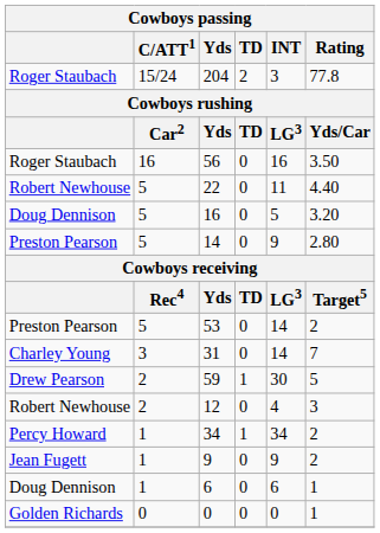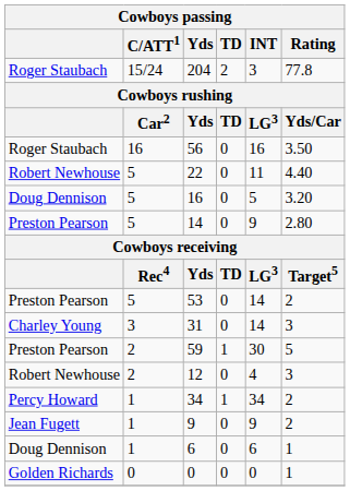 <table class="wikitable">
 <tr>
 <th colspan="6">Cowboys passing</th>
 </tr>
 <tr>
 <th></th>
 <th>C/ATT<sup>1</sup></th>
 <th>Yds</th>
 <th>TD</th>
 <th>INT</th>
 <th>Rating</th>
 </tr>
 <tr>
 <td><a href='#'>Roger Staubach</a></td>
 <td>15/24</td>
 <td>204</td>
 <td>2</td>
 <td>3</td>
 <td>77.8</td>
 </tr>
 <tr>
 <th colspan="6">Cowboys rushing</th>
 </tr>
 <tr>
 <th></th>
 <th>Car<sup>2</sup></th>
 <th>Yds</th>
 <th>TD</th>
 <th>LG<sup>3</sup></th>
 <th>Yds/Car</th>
 </tr>
 <tr>
 <td>Roger Staubach</td>
 <td>16</td>
 <td>56</td>
 <td>0</td>
 <td>16</td>
 <td>3.50</td>
 </tr>
 <tr>
 <td><a href='#'>Robert Newhouse</a></td>
 <td>5</td>
 <td>22</td>
 <td>0</td>
 <td>11</td>
 <td>4.40</td>
 </tr>
 <tr>
 <td><a href='#'>Doug Dennison</a></td>
 <td>5</td>
 <td>16</td>
 <td>0</td>
 <td>5</td>
 <td>3.20</td>
 </tr>
 <tr>
 <td><a href='#'>Preston Pearson</a></td>
 <td>5</td>
 <td>14</td>
 <td>0</td>
 <td>9</td>
 <td>2.80</td>
 </tr>
 <tr>
 <th colspan="6">Cowboys receiving</th>
 </tr>
 <tr>
 <th></th>
 <th>Rec<sup>4</sup></th>
 <th>Yds</th>
 <th>TD</th>
 <th>LG<sup>3</sup></th>
 <th>Target<sup>5</sup></th>
 </tr>
 <tr>
 <td>Preston Pearson</td>
 <td>5</td>
 <td>53</td>
 <td>0</td>
 <td>14</td>
 <td>2</td>
 </tr>
 <tr>
 <td><a href='#'>Charley Young</a></td>
 <td>3</td>
 <td>31</td>
 <td>0</td>
 <td>14</td>
-<td>7</td>
+<td>3</td>
 </tr>
 <tr>
-<td><a href='#'>Drew Pearson</a></td>
+<td>Preston Pearson</td>
 <td>2</td>
 <td>59</td>
 <td>1</td>
 <td>30</td>
 <td>5</td>
 </tr>
 <tr>
 <td>Robert Newhouse</td>
 <td>2</td>
 <td>12</td>
 <td>0</td>
 <td>4</td>
 <td>3</td>
 </tr>
 <tr>
 <td><a href='#'>Percy Howard</a></td>
 <td>1</td>
 <td>34</td>
 <td>1</td>
 <td>34</td>
 <td>2</td>
 </tr>
 <tr>
 <td><a href='#'>Jean Fugett</a></td>
 <td>1</td>
 <td>9</td>
 <td>0</td>
 <td>9</td>
 <td>2</td>
 </tr>
 <tr>
 <td>Doug Dennison</td>
 <td>1</td>
 <td>6</td>
 <td>0</td>
 <td>6</td>
 <td>1</td>
 </tr>
 <tr>
 <td><a href='#'>Golden Richards</a></td>
 <td>0</td>
 <td>0</td>
 <td>0</td>
 <td>0</td>
 <td>1</td>
 </tr>
 <tr>
 </tr>
 </table>
